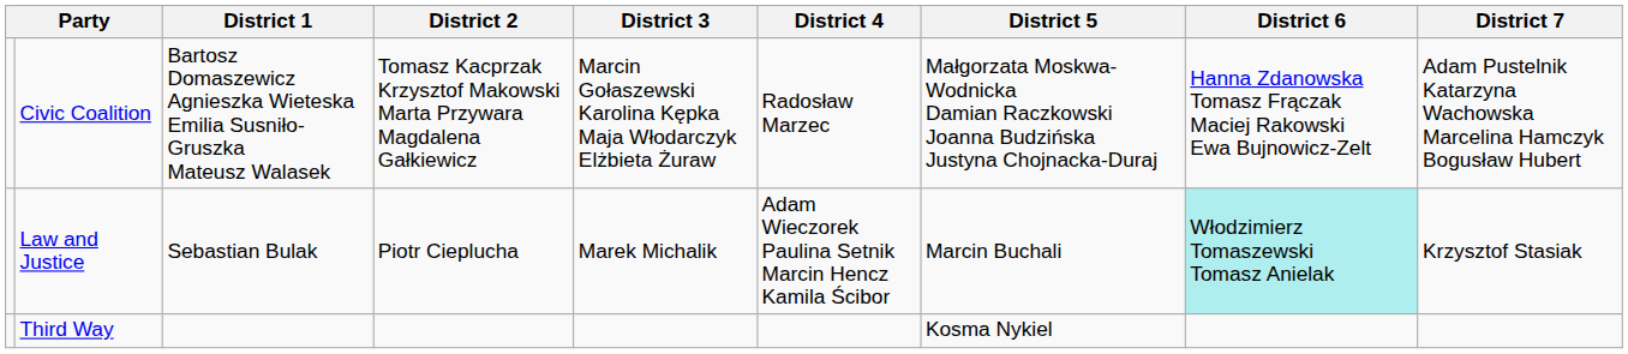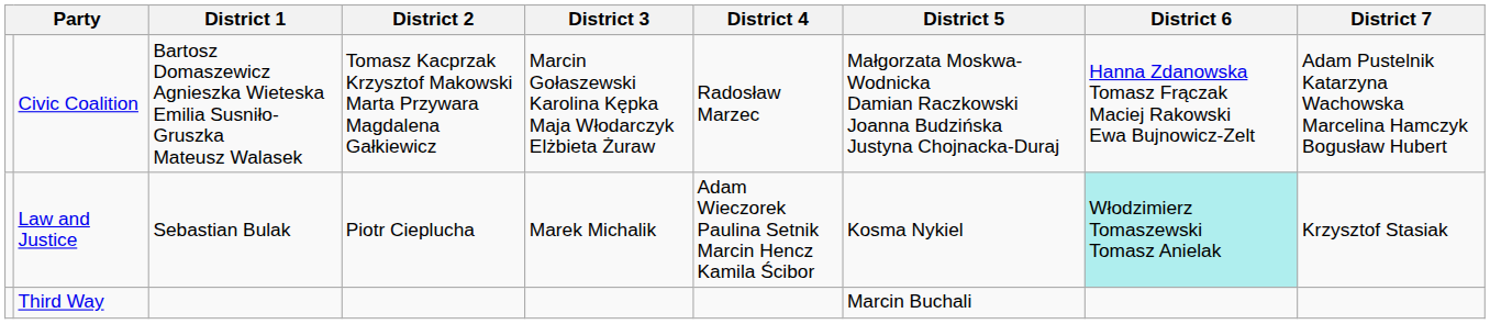 <table class="wikitable">
 <tr>
 <th colspan=2>Party</th>
 <th>District 1</th>
 <th>District 2</th>
 <th>District 3</th>
 <th>District 4</th>
 <th>District 5</th>
 <th>District 6</th>
 <th>District 7</th>
 </tr>
 <tr>
 <td style="background:"></td>
 <td><a href='#'>Civic Coalition</a></td>
 <td>Bartosz Domaszewicz<br>Agnieszka Wieteska<br>Emilia Susniło-Gruszka<br>Mateusz Walasek</td>
 <td>Tomasz Kacprzak<br>Krzysztof Makowski<br>Marta Przywara<br>Magdalena Gałkiewicz</td>
 <td>Marcin Gołaszewski<br>Karolina Kępka<br>Maja Włodarczyk<br>Elżbieta Żuraw</td>
 <td>Radosław Marzec</td>
 <td>Małgorzata Moskwa-Wodnicka<br>Damian Raczkowski<br>Joanna Budzińska<br>Justyna Chojnacka-Duraj</td>
 <td><a href='#'>Hanna Zdanowska</a><br>Tomasz Frączak<br>Maciej Rakowski<br>Ewa Bujnowicz-Zelt</td>
 <td>Adam Pustelnik<br>Katarzyna Wachowska<br>Marcelina Hamczyk<br>Bogusław Hubert</td>
 </tr>
 <tr>
 <td style="background:"></td>
 <td><a href='#'>Law and Justice</a></td>
 <td>Sebastian Bulak</td>
 <td>Piotr Cieplucha</td>
 <td>Marek Michalik</td>
 <td>Adam Wieczorek<br>Paulina Setnik<br>Marcin Hencz<br>Kamila Ścibor</td>
-<td>Marcin Buchali</td>
+<td>Kosma Nykiel</td>
 <td style="background: paleturquoise;">Włodzimierz Tomaszewski<br>Tomasz Anielak</td>
 <td>Krzysztof Stasiak</td>
 </tr>
 <tr>
 <td style="background:"></td>
 <td><a href='#'>Third Way</a></td>
 <td></td>
 <td></td>
 <td></td>
 <td></td>
-<td>Kosma Nykiel</td>
+<td>Marcin Buchali</td>
 <td></td>
 <td></td>
 </tr>
 </table>
